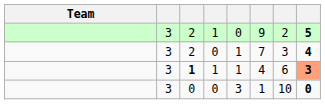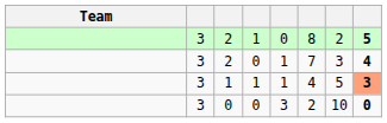 <table class="wikitable" style="text-align:center;">
 <tr>
 <th width=165>Team</th>
 <th width=20></th>
 <th width=20></th>
 <th width=20></th>
 <th width=20></th>
 <th width=20></th>
 <th width=20></th>
 <th width=20></th>
 </tr>
 <tr style="background:#cfc;">
 <td align="left"></td>
 <td>3</td>
 <td>2</td>
 <td>1</td>
 <td>0</td>
-<td>9</td>
+<td>8</td>
 <td>2</td>
 <td><strong>5</strong></td>
 </tr>
 <tr>
 <td align="left"></td>
 <td>3</td>
 <td>2</td>
 <td>0</td>
 <td>1</td>
 <td>7</td>
 <td>3</td>
 <td><strong>4</strong></td>
 </tr>
 <tr>
 <td align="left"></td>
 <td>3</td>
-<td><strong>1</strong></td>
+<td>1</td>
 <td>1</td>
 <td>1</td>
 <td>4</td>
-<td>6</td>
+<td>5</td>
 <td style="background: lightsalmon;"><strong>3</strong></td>
 </tr>
 <tr>
 <td align="left"></td>
 <td>3</td>
 <td>0</td>
 <td>0</td>
 <td>3</td>
-<td>1</td>
+<td>2</td>
 <td>10</td>
 <td><strong>0</strong></td>
 </tr>
 </table>
